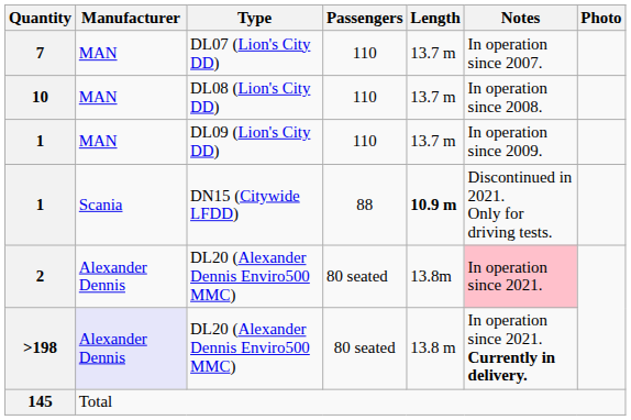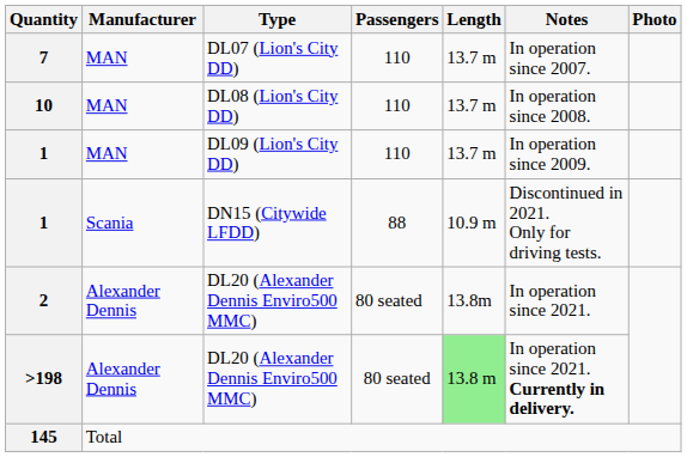 <table class="wikitable">
 <tr>
 <th scope="col">Quantity</th>
 <th scope="col">Manufacturer</th>
 <th scope="col">Type</th>
 <th scope="col">Passengers</th>
 <th scope="col">Length</th>
 <th scope="col">Notes</th>
 <th scope="col">Photo</th>
 </tr>
 <tr>
 <th scope="row">7</th>
 <td><a href='#'>MAN</a></td>
 <td>DL07 (<a href='#'>Lion's City DD</a>)</td>
 <td style="text-align:center;">110</td>
 <td>13.7 m</td>
 <td>In operation since 2007.</td>
 <td></td>
 </tr>
 <tr>
 <th scope="row">10</th>
 <td><a href='#'>MAN</a></td>
 <td>DL08 (<a href='#'>Lion's City DD</a>)</td>
 <td style="text-align:center;">110</td>
 <td>13.7 m</td>
 <td>In operation since 2008.</td>
 <td></td>
 </tr>
 <tr>
 <th scope="row">1</th>
 <td><a href='#'>MAN</a></td>
 <td>DL09 (<a href='#'>Lion's City DD</a>)</td>
 <td style="text-align:center;">110</td>
 <td>13.7 m</td>
 <td>In operation since 2009.</td>
 <td></td>
 </tr>
 <tr>
 <th scope="row">1</th>
 <td><a href='#'>Scania</a></td>
 <td>DN15 (<a href='#'>Citywide LFDD</a>)</td>
 <td style="text-align:center;">88</td>
-<td><strong>10.9 m</strong></td>
+<td>10.9 m</td>
 <td>Discontinued in 2021.<br>Only for driving tests.</td>
 <td></td>
 </tr>
 <tr>
 <th scope="row">2</th>
 <td><a href='#'>Alexander Dennis</a></td>
 <td>DL20 (<a href='#'>Alexander Dennis Enviro500 MMC</a>)</td>
 <td>80 seated</td>
 <td>13.8m</td>
-<td style="background: pink;">In operation since 2021.</td>
+<td>In operation since 2021.</td>
 <td rowspan="2"></td>
 </tr>
 <tr>
 <th scope="row">>198</th>
-<td style="background: lavender;"><a href='#'>Alexander Dennis</a></td>
+<td><a href='#'>Alexander Dennis</a></td>
 <td>DL20 (<a href='#'>Alexander Dennis Enviro500 MMC</a>)</td>
 <td style="text-align:center;">80 seated</td>
-<td>13.8 m</td>
+<td style="background: lightgreen;">13.8 m</td>
 <td>In operation since 2021.<br><strong>Currently in delivery.</strong></td>
 </tr>
 <tr>
 <th>145</th>
 <td colspan="6">Total</td>
 </tr>
 </table>
